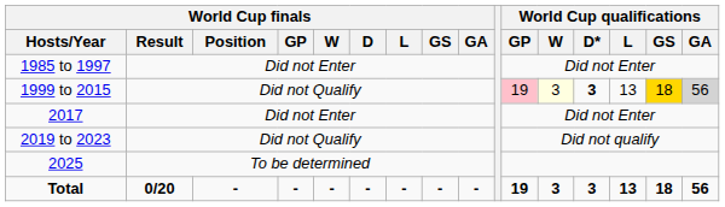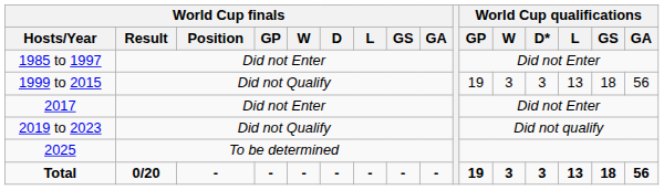 <table class="wikitable" style="text-align: center;">
 <tr>
 <th colspan=9>World Cup finals</th>
 <th style="width:1% ; " rowspan="16"></th>
 <th colspan=6>World Cup qualifications</th>
 </tr>
 <tr>
 <th>Hosts/Year</th>
 <th>Result</th>
 <th>Position</th>
 <th width=30px>GP</th>
 <th width=30px>W</th>
 <th width=30px>D</th>
 <th width=30px>L</th>
 <th width=30px>GS</th>
 <th width=30px>GA</th>
 <th width=30px>GP</th>
 <th width=30px>W</th>
 <th width=30px>D*</th>
 <th width=30px>L</th>
 <th width=30px>GS</th>
 <th width=30px>GA</th>
 </tr>
 <tr>
 <td> <a href='#'>1985</a> to  <a href='#'>1997</a></td>
 <td colspan=8 rowspan=1><em>Did not Enter</em></td>
 <td colspan=6 rowspan=1><em>Did not Enter</em></td>
 </tr>
 <tr>
 <td> <a href='#'>1999</a> to  <a href='#'>2015</a></td>
 <td colspan=8 rowspan=1><em>Did not Qualify</em></td>
-<td style="background: pink;">19</td>
-<td style="background: lightyellow;">3</td>
-<td><strong>3</strong></td>
+<td>19</td>
+<td>3</td>
+<td>3</td>
 <td>13</td>
-<td style="background: gold;">18</td>
-<td style="background: lightgrey;">56</td>
+<td>18</td>
+<td>56</td>
 </tr>
 <tr>
 <td> <a href='#'>2017</a></td>
 <td colspan=8 rowspan=1><em>Did not Enter</em></td>
 <td colspan=6 rowspan=1><em>Did not Enter</em></td>
 </tr>
 <tr>
 <td> <a href='#'>2019</a> to  <a href='#'>2023</a></td>
 <td colspan=8 rowspan=1><em>Did not Qualify</em></td>
 <td colspan=6 rowspan=1><em>Did not qualify</em></td>
 </tr>
 <tr>
 <td> <a href='#'>2025</a></td>
 <td colspan=8 rowspan=1><em>To be determined</em></td>
 </tr>
 <tr>
 <td><strong>Total</strong></td>
 <td><strong>0/20</strong></td>
 <td><strong>-</strong></td>
 <td><strong>-</strong></td>
 <td><strong>-</strong></td>
 <td><strong>-</strong></td>
 <td><strong>-</strong></td>
 <td><strong>-</strong></td>
 <td><strong>-</strong></td>
 <td><strong>19</strong></td>
 <td><strong>3</strong></td>
 <td><strong>3</strong></td>
 <td><strong>13</strong></td>
 <td><strong>18</strong></td>
 <td><strong>56</strong></td>
 </tr>
 </table>
